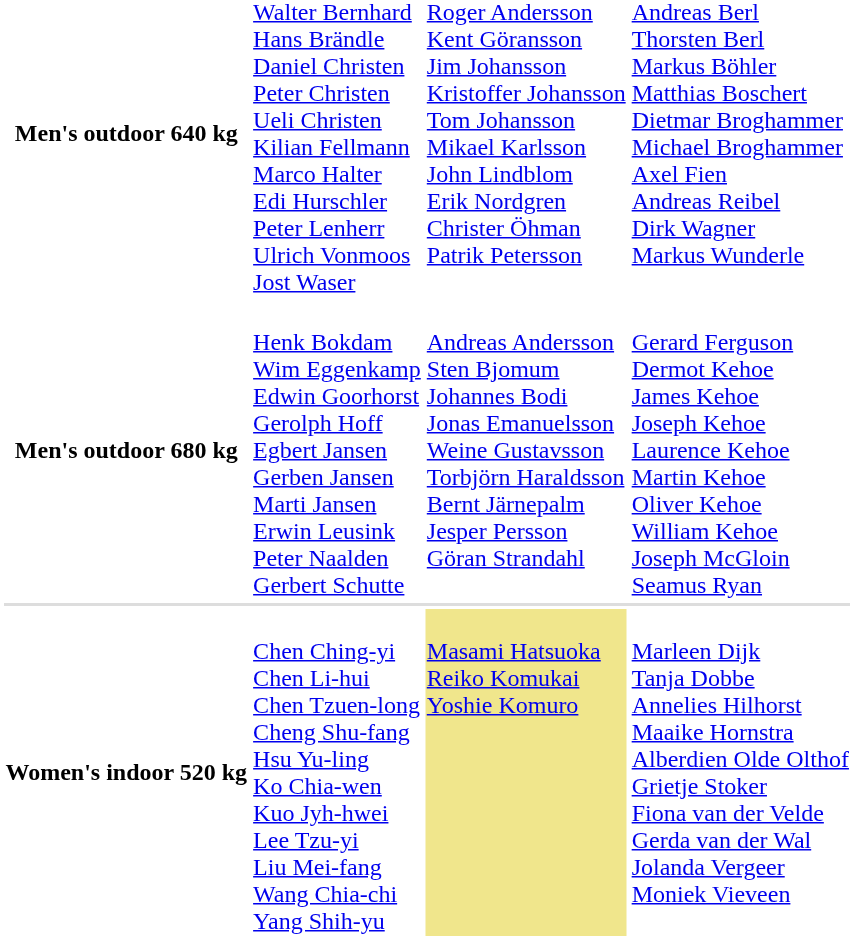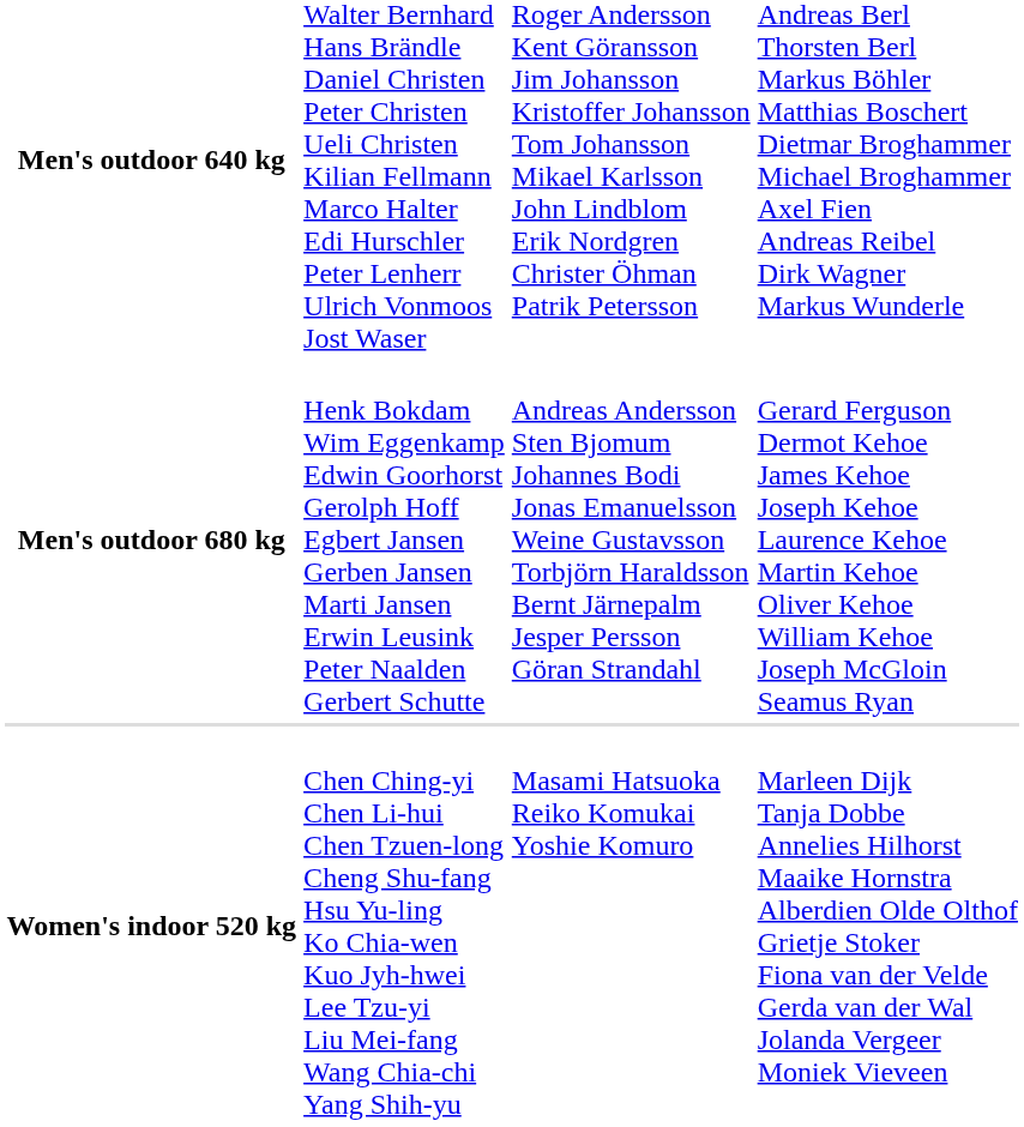 <table>
 <tr>
 <th scope="row">Men's outdoor 640 kg</th>
 <td><br><a href='#'>Walter Bernhard</a><br><a href='#'>Hans Brändle</a><br><a href='#'>Daniel Christen</a><br><a href='#'>Peter Christen</a><br><a href='#'>Ueli Christen</a><br><a href='#'>Kilian Fellmann</a><br><a href='#'>Marco Halter</a><br><a href='#'>Edi Hurschler</a><br><a href='#'>Peter Lenherr</a><br><a href='#'>Ulrich Vonmoos</a><br><a href='#'>Jost Waser</a></td>
 <td valign=top><br><a href='#'>Roger Andersson</a><br><a href='#'>Kent Göransson</a><br><a href='#'>Jim Johansson</a><br><a href='#'>Kristoffer Johansson</a><br><a href='#'>Tom Johansson</a><br><a href='#'>Mikael Karlsson</a><br><a href='#'>John Lindblom</a><br><a href='#'>Erik Nordgren</a><br><a href='#'>Christer Öhman</a><br><a href='#'>Patrik Petersson</a></td>
 <td valign=top><br><a href='#'>Andreas Berl</a><br><a href='#'>Thorsten Berl</a><br><a href='#'>Markus Böhler</a><br><a href='#'>Matthias Boschert</a><br><a href='#'>Dietmar Broghammer</a><br><a href='#'>Michael Broghammer</a><br><a href='#'>Axel Fien</a><br><a href='#'>Andreas Reibel</a><br><a href='#'>Dirk Wagner</a><br><a href='#'>Markus Wunderle</a></td>
 </tr>
 <tr>
 <th scope="row">Men's outdoor 680 kg</th>
 <td><br><a href='#'>Henk Bokdam</a><br><a href='#'>Wim Eggenkamp</a><br><a href='#'>Edwin Goorhorst</a><br><a href='#'>Gerolph Hoff</a><br><a href='#'>Egbert Jansen</a><br><a href='#'>Gerben Jansen</a><br><a href='#'>Marti Jansen</a><br><a href='#'>Erwin Leusink</a><br><a href='#'>Peter Naalden</a><br><a href='#'>Gerbert Schutte</a></td>
 <td valign=top><br><a href='#'>Andreas Andersson</a><br><a href='#'>Sten Bjomum</a><br><a href='#'>Johannes Bodi</a><br><a href='#'>Jonas Emanuelsson</a><br><a href='#'>Weine Gustavsson</a><br><a href='#'>Torbjörn Haraldsson</a><br><a href='#'>Bernt Järnepalm</a><br><a href='#'>Jesper Persson</a><br><a href='#'>Göran Strandahl</a></td>
 <td><br><a href='#'>Gerard Ferguson</a><br><a href='#'>Dermot Kehoe</a><br><a href='#'>James Kehoe</a><br><a href='#'>Joseph Kehoe</a><br><a href='#'>Laurence Kehoe</a><br><a href='#'>Martin Kehoe</a><br><a href='#'>Oliver Kehoe</a><br><a href='#'>William Kehoe</a><br><a href='#'>Joseph McGloin</a><br><a href='#'>Seamus Ryan</a></td>
 </tr>
 <tr bgcolor=#DDDDDD>
 <td colspan=4></td>
 </tr>
 <tr>
 <th scope="row">Women's indoor 520 kg</th>
 <td><br><a href='#'>Chen Ching-yi</a><br><a href='#'>Chen Li-hui</a><br><a href='#'>Chen Tzuen-long</a><br><a href='#'>Cheng Shu-fang</a><br><a href='#'>Hsu Yu-ling</a><br><a href='#'>Ko Chia-wen</a><br><a href='#'>Kuo Jyh-hwei</a><br><a href='#'>Lee Tzu-yi</a><br><a href='#'>Liu Mei-fang</a><br><a href='#'>Wang Chia-chi</a><br><a href='#'>Yang Shih-yu</a></td>
-<td valign=top style="background: khaki;"><br><a href='#'>Masami Hatsuoka</a><br><a href='#'>Reiko Komukai</a><br><a href='#'>Yoshie Komuro</a></td>
+<td valign=top><br><a href='#'>Masami Hatsuoka</a><br><a href='#'>Reiko Komukai</a><br><a href='#'>Yoshie Komuro</a></td>
 <td valign=top><br><a href='#'>Marleen Dijk</a><br><a href='#'>Tanja Dobbe</a><br><a href='#'>Annelies Hilhorst</a><br><a href='#'>Maaike Hornstra</a><br><a href='#'>Alberdien Olde Olthof</a><br><a href='#'>Grietje Stoker</a><br><a href='#'>Fiona van der Velde</a><br><a href='#'>Gerda van der Wal</a><br><a href='#'>Jolanda Vergeer</a><br><a href='#'>Moniek Vieveen</a></td>
 </tr>
 </table>
